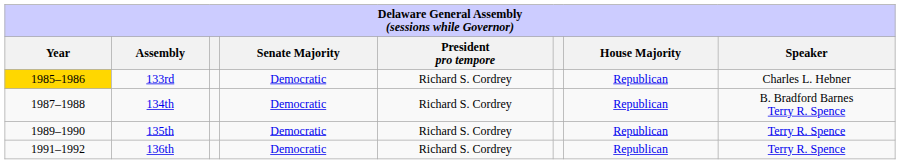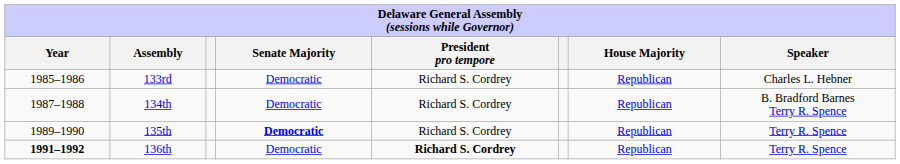 <table class="wikitable" style="text-align:center; width:94%; margin:auto;">
 <tr>
 <th colspan="12" style="background:#ccf;">Delaware General Assembly <br>  <em>(sessions while Governor)</em></th>
 </tr>
 <tr>
 <th><strong>Year</strong></th>
 <th><strong>Assembly</strong></th>
 <th></th>
 <th><strong>Senate Majority</strong></th>
 <th><strong>President<br><em>pro tempore<strong><em></th>
 <th></th>
 <th></strong>House Majority<strong></th>
 <th></strong>Speaker<strong></th>
 </tr>
 <tr>
-<td style="background: gold;">1985–1986</td>
+<td>1985–1986</td>
 <td><a href='#'>133rd</a></td>
 <td></td>
 <td><a href='#'>Democratic</a></td>
 <td>Richard S. Cordrey</td>
 <td></td>
 <td><a href='#'>Republican</a></td>
 <td>Charles L. Hebner</td>
 </tr>
 <tr>
 <td>1987–1988</td>
 <td><a href='#'>134th</a></td>
 <td></td>
 <td><a href='#'>Democratic</a></td>
 <td>Richard S. Cordrey</td>
 <td></td>
 <td><a href='#'>Republican</a></td>
 <td>B. Bradford Barnes<br><a href='#'>Terry R. Spence</a></td>
 </tr>
 <tr>
 <td>1989–1990</td>
 <td><a href='#'>135th</a></td>
 <td></td>
-<td><a href='#'>Democratic</a></td>
+<td><strong><a href='#'>Democratic</a></strong></td>
 <td>Richard S. Cordrey</td>
 <td></td>
 <td><a href='#'>Republican</a></td>
 <td><a href='#'>Terry R. Spence</a></td>
 </tr>
 <tr>
-<td>1991–1992</td>
+<td><strong>1991–1992</strong></td>
 <td><a href='#'>136th</a></td>
 <td></td>
 <td><a href='#'>Democratic</a></td>
-<td>Richard S. Cordrey</td>
+<td><strong>Richard S. Cordrey</strong></td>
 <td></td>
 <td><a href='#'>Republican</a></td>
 <td><a href='#'>Terry R. Spence</a></td>
 </tr>
 </table>
